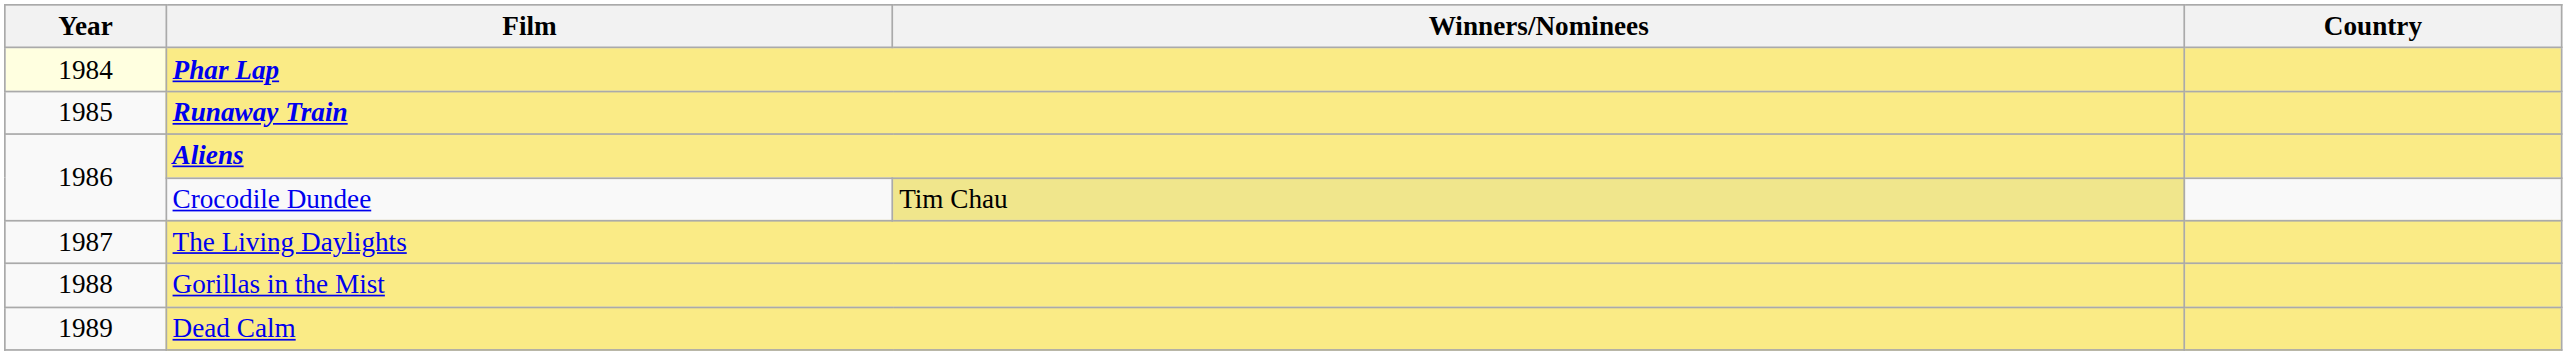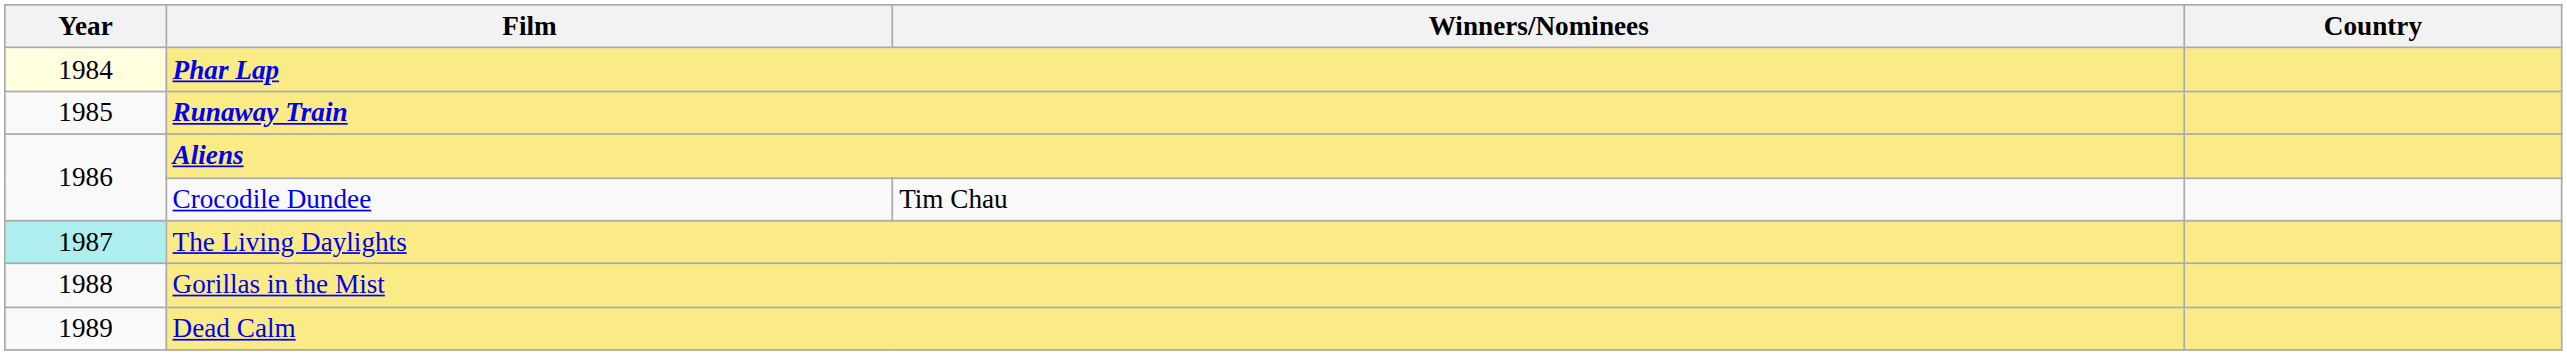 <table class="wikitable" width="95%" cellpadding="5">
 <tr>
 <th width="6%">Year</th>
 <th width="27%">Film</th>
 <th width="48%">Winners/Nominees</th>
 <th width="14%">Country</th>
 </tr>
 <tr>
 <td rowspan=1 style="background: lightyellow; text-align:center">1984</td>
 <td colspan="2" style="background:#FAEB86;"><strong><em><a href='#'>Phar Lap</a></em></strong></td>
 <td style="background:#FAEB86;"><strong></strong></td>
 </tr>
 <tr>
 <td rowspan=1 style="text-align:center">1985</td>
 <td colspan="2" style="background:#FAEB86;"><strong><em><a href='#'>Runaway Train</a></em></strong></td>
 <td style="background:#FAEB86;"><strong></strong></td>
 </tr>
 <tr>
 <td rowspan=2 style="text-align:center">1986</td>
 <td colspan="2" style="background:#FAEB86;"><strong><em><a href='#'>Aliens</a><em> <strong></td>
 <td style="background:#FAEB86;"></strong><br><strong></td>
 </tr>
 <tr>
 <td></em><a href='#'>Crocodile Dundee</a><em></td>
-<td style="background: khaki;">Tim Chau</td>
+<td>Tim Chau</td>
 <td><br></td>
 </tr>
 <tr>
-<td rowspan=1 style="text-align:center">1987</td>
+<td rowspan=1 style="background: paleturquoise; text-align:center">1987</td>
 <td colspan="2" style="background:#FAEB86;"></em></strong><a href='#'>The Living Daylights</a><strong><em></td>
 <td style="background:#FAEB86;"></strong><strong></td>
 </tr>
 <tr>
 <td rowspan=1 style="text-align:center">1988</td>
 <td colspan="2" style="background:#FAEB86;"></em></strong><a href='#'>Gorillas in the Mist</a><strong><em></td>
 <td style="background:#FAEB86;"></strong><strong></td>
 </tr>
 <tr>
 <td rowspan=1 style="text-align:center">1989</td>
 <td colspan="2" style="background:#FAEB86;"></em></strong><a href='#'>Dead Calm</a><strong><em></td>
 <td style="background:#FAEB86;"></strong><strong></td>
 </tr>
 </table>
